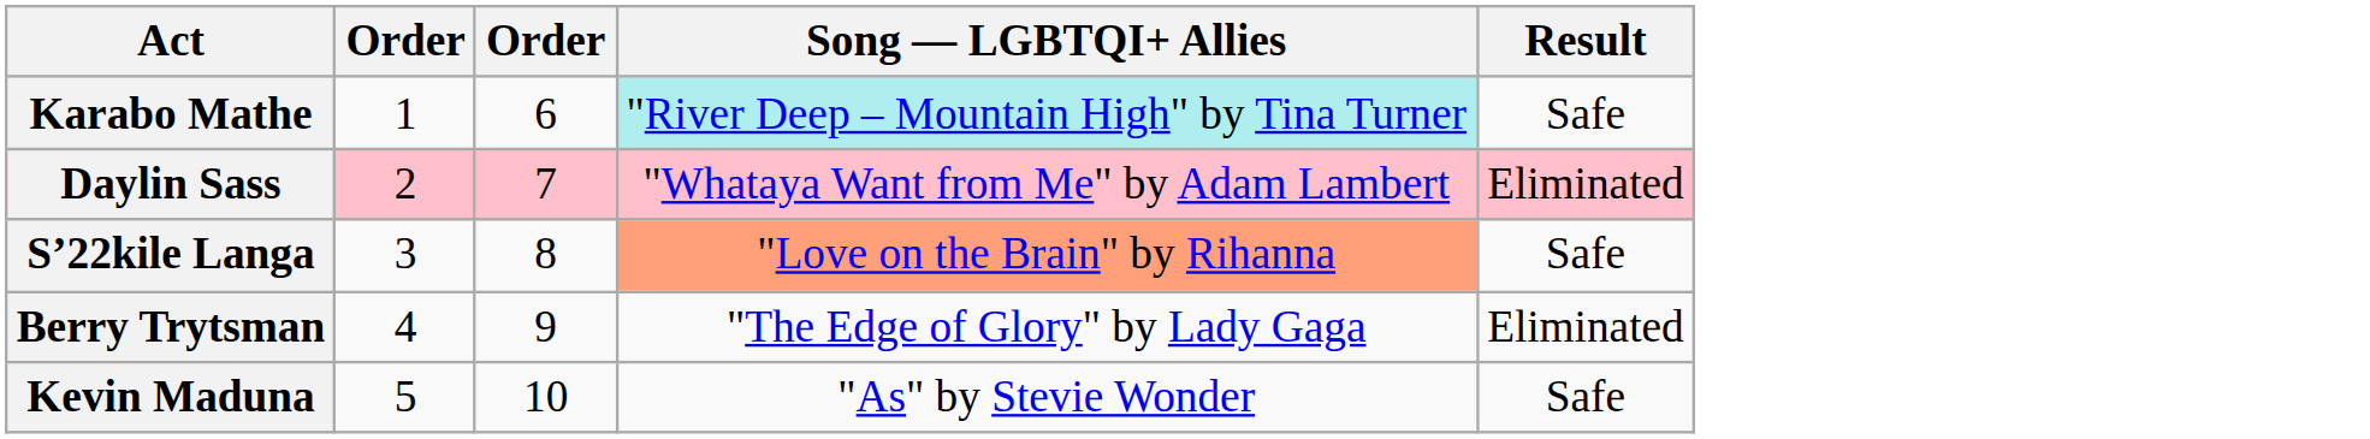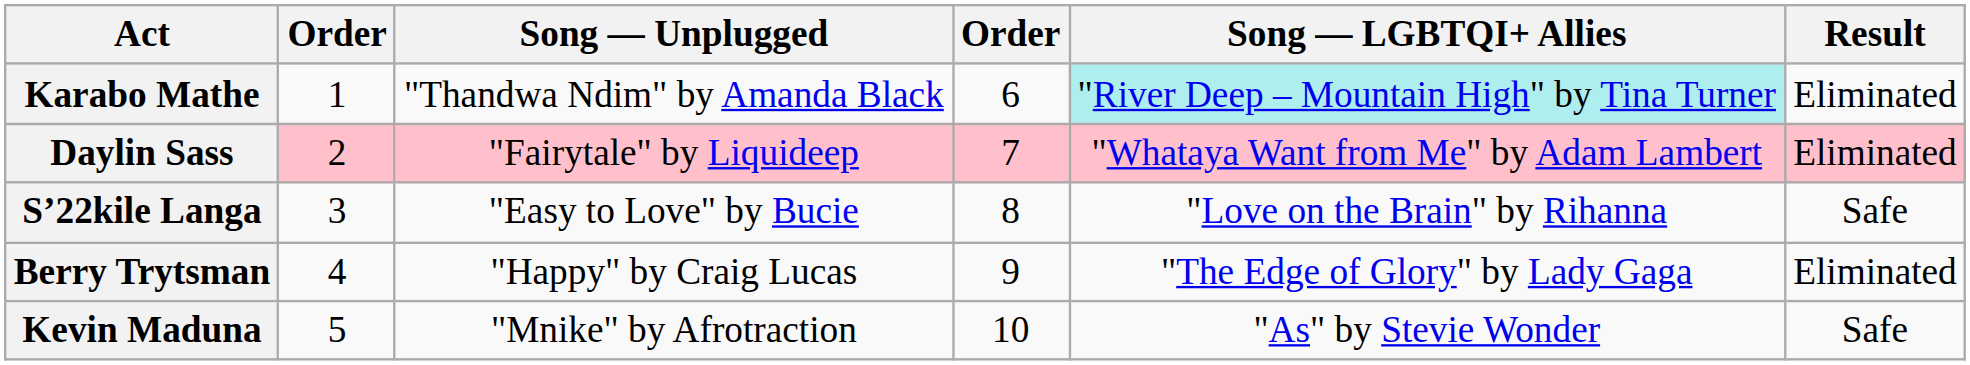 <table class="wikitable plainrowheaders" style="text-align:center;">
 <tr>
 <th scope"col">Act</th>
 <th scope"col">Order</th>
+<th scope"col">Song — Unplugged</th>
 <th scope"col">Order</th>
 <th scope"col">Song — LGBTQI+ Allies</th>
 <th scope"col">Result</th>
 </tr>
 <tr>
 <th scope=row>Karabo Mathe</th>
 <td>1</td>
+<td>"Thandwa Ndim" by <a href='#'>Amanda Black</a></td>
 <td>6</td>
 <td style="background: paleturquoise;">"<a href='#'>River Deep – Mountain High</a>" by <a href='#'>Tina Turner</a></td>
-<td>Safe</td>
+<td>Eliminated</td>
 </tr>
 <tr style="background: pink">
 <th scope=row>Daylin Sass</th>
 <td>2</td>
+<td>"Fairytale" by <a href='#'>Liquideep</a></td>
 <td>7</td>
 <td>"<a href='#'>Whataya Want from Me</a>" by <a href='#'>Adam Lambert</a></td>
 <td>Eliminated</td>
 </tr>
 <tr>
 <th scope=row>S’22kile Langa</th>
 <td>3</td>
+<td>"Easy to Love" by <a href='#'>Bucie</a></td>
 <td>8</td>
-<td style="background: lightsalmon;">"<a href='#'>Love on the Brain</a>" by <a href='#'>Rihanna</a></td>
+<td>"<a href='#'>Love on the Brain</a>" by <a href='#'>Rihanna</a></td>
 <td>Safe</td>
 </tr>
 <tr>
 <th scope=row>Berry Trytsman</th>
 <td>4</td>
+<td>"Happy" by Craig Lucas</td>
 <td>9</td>
 <td>"<a href='#'>The Edge of Glory</a>" by <a href='#'>Lady Gaga</a></td>
 <td>Eliminated</td>
 </tr>
 <tr>
 <th scope=row>Kevin Maduna</th>
 <td>5</td>
+<td>"Mnike" by Afrotraction</td>
 <td>10</td>
 <td>"<a href='#'>As</a>" by <a href='#'>Stevie Wonder</a></td>
 <td>Safe</td>
 </tr>
 </table>
